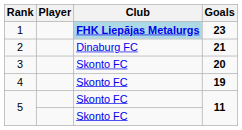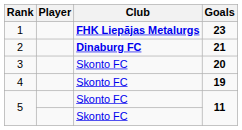 <table class="wikitable" style="text-align:center">
 <tr>
 <th>Rank</th>
 <th>Player</th>
 <th>Club</th>
 <th>Goals</th>
 </tr>
 <tr>
 <td>1</td>
 <td align="left"><strong></strong></td>
-<td align="left" style="background: lightblue;"><strong><a href='#'>FHK Liepājas Metalurgs</a></strong></td>
+<td align="left"><strong><a href='#'>FHK Liepājas Metalurgs</a></strong></td>
 <td><strong>23</strong></td>
 </tr>
 <tr>
 <td>2</td>
 <td align="left"></td>
-<td align="left"><a href='#'>Dinaburg FC</a></td>
+<td align="left"><strong><a href='#'>Dinaburg FC</a></strong></td>
 <td><strong>21</strong></td>
 </tr>
 <tr>
 <td>3</td>
 <td align="left"></td>
 <td align="left"><a href='#'>Skonto FC</a></td>
 <td><strong>20</strong></td>
 </tr>
 <tr>
 <td>4</td>
 <td align="left"></td>
 <td align="left"><a href='#'>Skonto FC</a></td>
 <td><strong>19</strong></td>
 </tr>
 <tr>
 <td rowspan=2>5</td>
 <td align="left"></td>
 <td align="left"><a href='#'>Skonto FC</a></td>
 <td rowspan=2><strong>11</strong></td>
 </tr>
 <tr>
 <td align="left"></td>
 <td align="left"><a href='#'>Skonto FC</a></td>
 </tr>
 </table>
